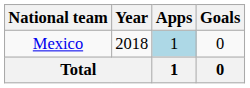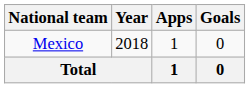 <table class="wikitable" style="text-align: center;">
 <tr>
 <th>National team</th>
 <th>Year</th>
 <th>Apps</th>
 <th>Goals</th>
 </tr>
 <tr>
 <td rowspan="1" valign="center"><a href='#'>Mexico</a></td>
 <td>2018</td>
-<td style="background: lightblue;">1</td>
+<td>1</td>
 <td>0</td>
 </tr>
 <tr>
 <th colspan="2">Total</th>
 <th>1</th>
 <th>0</th>
 </tr>
 </table>
